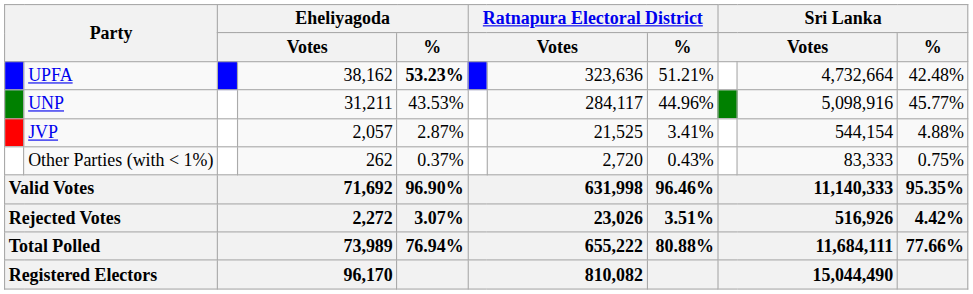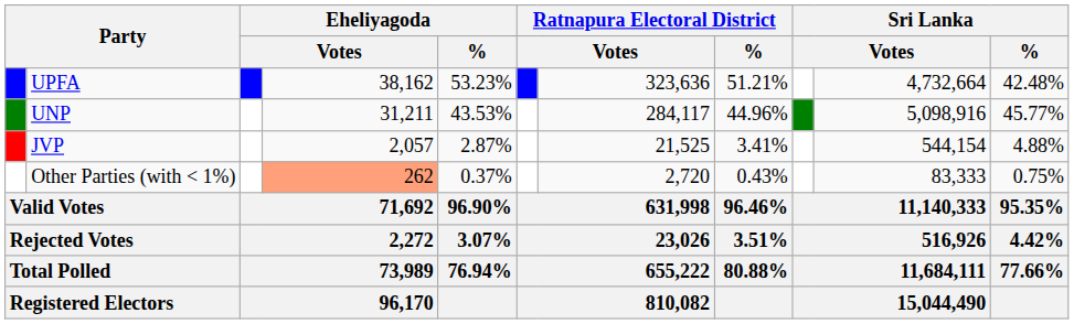 <table class="wikitable">
 <tr>
 <th colspan="2" width="144px"rowspan="2">Party</th>
 <th colspan="3" width="216px">Eheliyagoda</th>
 <th colspan="3" width="216px"><a href='#'>Ratnapura Electoral District</a></th>
 <th colspan="3" width="216px">Sri Lanka</th>
 </tr>
 <tr>
 <th colspan="2" width="144px">Votes</th>
 <th>%</th>
 <th colspan="2" width="144px">Votes</th>
 <th>%</th>
 <th colspan="2" width="144px">Votes</th>
 <th>%</th>
 </tr>
 <tr>
 <td style="background-color:blue;" width="10px"></td>
 <td style="text-align:left;"><a href='#'>UPFA</a></td>
 <td style="background-color:blue;" width="10px"></td>
 <td style="text-align:right;">38,162</td>
-<td style="text-align:right;"><strong>53.23%</strong></td>
+<td style="text-align:right;">53.23%</td>
 <td style="background-color:blue;" width="10px"></td>
 <td style="text-align:right;">323,636</td>
 <td style="text-align:right;">51.21%</td>
 <td style="background-color:white;" width="10px"></td>
 <td style="text-align:right;">4,732,664</td>
 <td style="text-align:right;">42.48%</td>
 </tr>
 <tr>
 <td style="background-color:green;" width="10px"></td>
 <td style="text-align:left;"><a href='#'>UNP</a></td>
 <td style="background-color:white;" width="10px"></td>
 <td style="text-align:right;">31,211</td>
 <td style="text-align:right;">43.53%</td>
 <td style="background-color:white;" width="10px"></td>
 <td style="text-align:right;">284,117</td>
 <td style="text-align:right;">44.96%</td>
 <td style="background-color:green;" width="10px"></td>
 <td style="text-align:right;">5,098,916</td>
 <td style="text-align:right;">45.77%</td>
 </tr>
 <tr>
 <td style="background-color:red;" width="10px"></td>
 <td style="text-align:left;"><a href='#'>JVP</a></td>
 <td style="background-color:white;" width="10px"></td>
 <td style="text-align:right;">2,057</td>
 <td style="text-align:right;">2.87%</td>
 <td style="background-color:white;" width="10px"></td>
 <td style="text-align:right;">21,525</td>
 <td style="text-align:right;">3.41%</td>
 <td style="background-color:white;" width="10px"></td>
 <td style="text-align:right;">544,154</td>
 <td style="text-align:right;">4.88%</td>
 </tr>
 <tr>
 <td style="background-color:white;" width="10px"></td>
 <td style="text-align:left;">Other Parties (with < 1%)</td>
 <td style="background-color:white;" width="10px"></td>
-<td style="text-align:right;">262</td>
+<td style="background: lightsalmon; text-align:right;">262</td>
 <td style="text-align:right;">0.37%</td>
 <td style="background-color:white;" width="10px"></td>
 <td style="text-align:right;">2,720</td>
 <td style="text-align:right;">0.43%</td>
 <td style="background-color:white;" width="10px"></td>
 <td style="text-align:right;">83,333</td>
 <td style="text-align:right;">0.75%</td>
 </tr>
 <tr>
 <th colspan="2" width="144px"style="text-align:left;">Valid Votes</th>
 <th style="text-align:right;"colspan="2" width="144px">71,692</th>
 <th style="text-align:right;">96.90%</th>
 <th style="text-align:right;"colspan="2" width="144px">631,998</th>
 <th style="text-align:right;">96.46%</th>
 <th style="text-align:right;"colspan="2" width="144px">11,140,333</th>
 <th style="text-align:right;">95.35%</th>
 </tr>
 <tr>
 <th colspan="2" width="144px"style="text-align:left;">Rejected Votes</th>
 <th style="text-align:right;"colspan="2" width="144px">2,272</th>
 <th style="text-align:right;">3.07%</th>
 <th style="text-align:right;"colspan="2" width="144px">23,026</th>
 <th style="text-align:right;">3.51%</th>
 <th style="text-align:right;"colspan="2" width="144px">516,926</th>
 <th style="text-align:right;">4.42%</th>
 </tr>
 <tr>
 <th colspan="2" width="144px"style="text-align:left;">Total Polled</th>
 <th style="text-align:right;"colspan="2" width="144px">73,989</th>
 <th style="text-align:right;">76.94%</th>
 <th style="text-align:right;"colspan="2" width="144px">655,222</th>
 <th style="text-align:right;">80.88%</th>
 <th style="text-align:right;"colspan="2" width="144px">11,684,111</th>
 <th style="text-align:right;">77.66%</th>
 </tr>
 <tr>
 <th colspan="2" width="144px"style="text-align:left;">Registered Electors</th>
 <th style="text-align:right;"colspan="2" width="144px">96,170</th>
 <th></th>
 <th style="text-align:right;"colspan="2" width="144px">810,082</th>
 <th></th>
 <th style="text-align:right;"colspan="2" width="144px">15,044,490</th>
 <th></th>
 </tr>
 </table>
